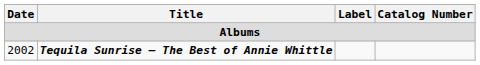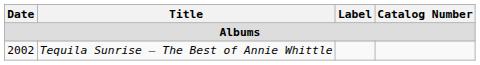 <table class="wikitable">
 <tr>
 <th style="text-align:center; vertical-align:top;">Date</th>
 <th style="text-align:center; vertical-align:top;">Title</th>
 <th style="text-align:center; vertical-align:top;">Label</th>
 <th style="text-align:center; vertical-align:top;">Catalog Number</th>
 </tr>
 <tr style="background:#ddd;">
 <td colspan="7" style="text-align:center;"><strong>Albums</strong></td>
 </tr>
 <tr>
 <td style="text-align:left;">2002</td>
-<td style="text-align:left;"><strong><em>Tequila Sunrise – The Best of Annie Whittle</em></strong></td>
+<td style="text-align:left;"><em>Tequila Sunrise – The Best of Annie Whittle</em></td>
 <td style="text-align:left;"></td>
 <td style="text-align:left;"></td>
 </tr>
 </table>
